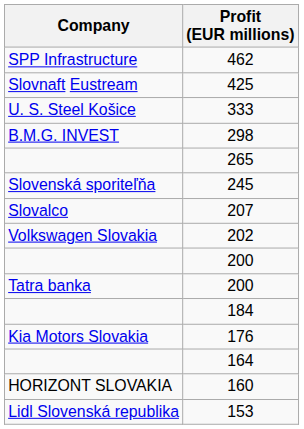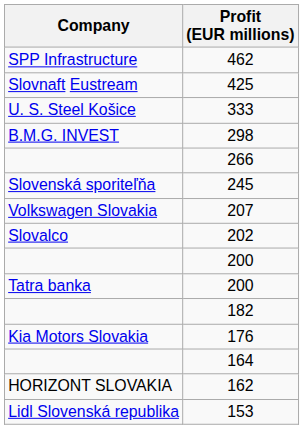 <table class="wikitable" style="text-align:center">
 <tr>
 <th>Company</th>
 <th>Profit<br>(EUR millions)</th>
 </tr>
 <tr>
 <td align=left><a href='#'>SPP Infrastructure</a></td>
 <td>462</td>
 </tr>
 <tr>
 <td align=left><a href='#'>Slovnaft</a> <a href='#'>Eustream</a></td>
 <td>425</td>
 </tr>
 <tr>
 <td align=left><a href='#'>U. S. Steel Košice</a></td>
 <td>333</td>
 </tr>
 <tr>
 <td align=left><a href='#'>B.M.G. INVEST</a></td>
 <td>298</td>
 </tr>
 <tr>
 <td align=left></td>
-<td>265</td>
+<td>266</td>
 </tr>
 <tr>
 <td align=left><a href='#'>Slovenská sporiteľňa</a></td>
 <td>245</td>
 </tr>
 <tr>
-<td align=left><a href='#'>Slovalco</a></td>
+<td align=left><a href='#'>Volkswagen Slovakia</a></td>
 <td>207</td>
 </tr>
 <tr>
-<td align=left><a href='#'>Volkswagen Slovakia</a></td>
+<td align=left><a href='#'>Slovalco</a></td>
 <td>202</td>
 </tr>
 <tr>
 <td align=left></td>
 <td>200</td>
 </tr>
 <tr>
 <td align=left><a href='#'>Tatra banka</a></td>
 <td>200</td>
 </tr>
 <tr>
 <td align=left></td>
-<td>184</td>
+<td>182</td>
 </tr>
 <tr>
 <td align=left><a href='#'>Kia Motors Slovakia</a></td>
 <td>176</td>
 </tr>
 <tr>
 <td align=left></td>
 <td>164</td>
 </tr>
 <tr>
 <td align=left>HORIZONT SLOVAKIA</td>
-<td>160</td>
+<td>162</td>
 </tr>
 <tr>
 <td align=left><a href='#'>Lidl Slovenská republika</a></td>
 <td>153</td>
 </tr>
 </table>
